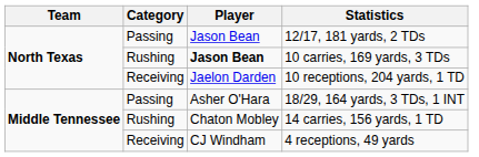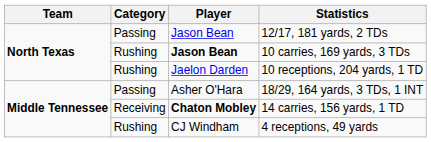 <table class="wikitable" style="float: left;">
 <tr>
 <th>Team</th>
 <th>Category</th>
 <th>Player</th>
 <th>Statistics</th>
 </tr>
 <tr>
 <td rowspan=3><strong>North Texas</strong></td>
 <td>Passing</td>
 <td><a href='#'>Jason Bean</a></td>
 <td>12/17, 181 yards, 2 TDs</td>
 </tr>
 <tr>
 <td>Rushing</td>
 <td><strong>Jason Bean</strong></td>
 <td>10 carries, 169 yards, 3 TDs</td>
 </tr>
 <tr>
-<td>Receiving</td>
+<td>Rushing</td>
 <td><a href='#'>Jaelon Darden</a></td>
 <td>10 receptions, 204 yards, 1 TD</td>
 </tr>
 <tr>
 <td rowspan=3><strong>Middle Tennessee</strong></td>
 <td>Passing</td>
 <td>Asher O'Hara</td>
 <td>18/29, 164 yards, 3 TDs, 1 INT</td>
 </tr>
 <tr>
-<td>Rushing</td>
-<td>Chaton Mobley</td>
+<td>Receiving</td>
+<td><strong>Chaton Mobley</strong></td>
 <td>14 carries, 156 yards, 1 TD</td>
 </tr>
 <tr>
-<td>Receiving</td>
+<td>Rushing</td>
 <td>CJ Windham</td>
 <td>4 receptions, 49 yards</td>
 </tr>
 </table>
